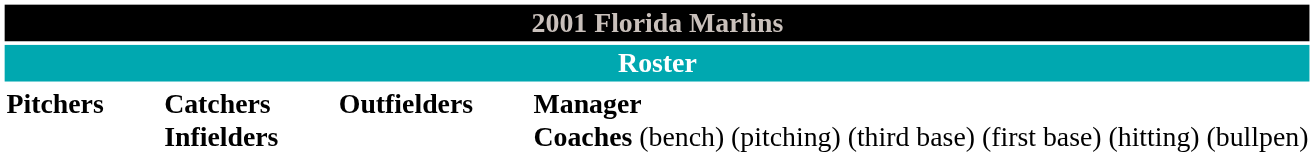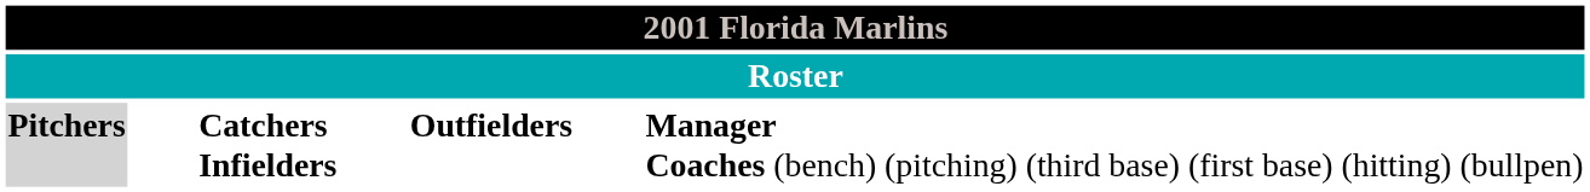 <table class="toccolours" style="font-size: 95%;">
 <tr>
 <th colspan="10" style="background-color: #000000; color: #C9C0BB; text-align: center;">2001 Florida Marlins</th>
 </tr>
 <tr>
 <td colspan="10" style="background-color: #00a8b0; color: white; text-align: center;"><strong>Roster</strong></td>
 </tr>
 <tr>
-<td valign="top"><strong>Pitchers</strong><br>                     </td>
+<td valign="top" style="background: lightgrey;"><strong>Pitchers</strong><br>                     </td>
 <td width="25px"></td>
 <td valign="top"><strong>Catchers</strong><br>   <strong>Infielders</strong>       </td>
 <td width="25px"></td>
 <td valign="top"><strong>Outfielders</strong><br>         </td>
 <td width="25px"></td>
 <td valign="top"><strong>Manager</strong><br>  <strong>Coaches</strong>  (bench)  (pitching)  (third base)  (first base)  (hitting)  (bullpen)</td>
 </tr>
 <tr>
 </tr>
 </table>
